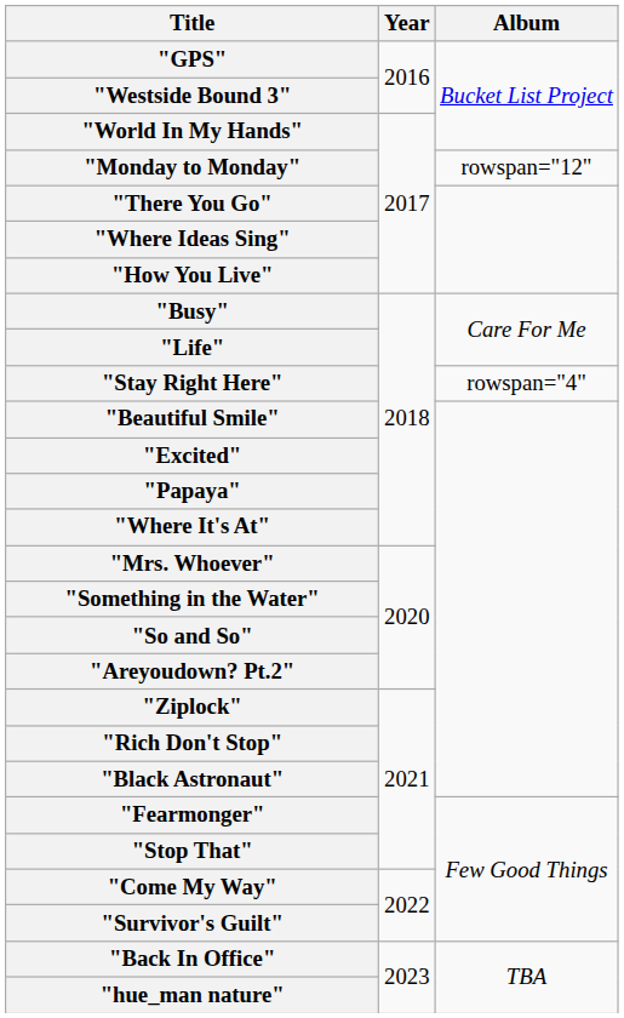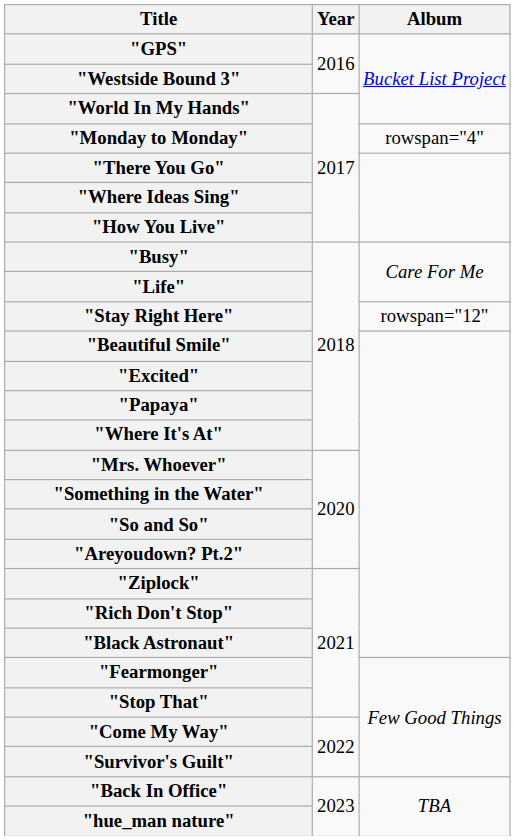 <table class="wikitable plainrowheaders" style="text-align:center;">
 <tr>
 <th scope="col" style="width:16em;">Title</th>
 <th scope="col">Year</th>
 <th scope="col">Album</th>
 </tr>
 <tr>
 <th scope="row">"GPS"<br></th>
 <td rowspan="2">2016</td>
 <td rowspan="3"><em><a href='#'>Bucket List Project</a></em></td>
 </tr>
 <tr>
 <th scope="row">"Westside Bound 3"<br></th>
 </tr>
 <tr>
 <th scope="row">"World In My Hands"<br></th>
 <td rowspan="5">2017</td>
 </tr>
 <tr>
 <th scope="row">"Monday to Monday"</th>
-<td>rowspan="12" </td>
+<td>rowspan="4" </td>
 </tr>
 <tr>
 <th scope="row">"There You Go"</th>
 </tr>
 <tr>
 <th scope="row">"Where Ideas Sing"<br></th>
 </tr>
 <tr>
 <th scope="row">"How You Live"<br></th>
 </tr>
 <tr>
 <th scope="row">"Busy"</th>
 <td rowspan="7">2018</td>
 <td rowspan="2"><em>Care For Me</em></td>
 </tr>
 <tr>
 <th scope="row">"Life"</th>
 </tr>
 <tr>
 <th scope="row">"Stay Right Here"<br></th>
-<td>rowspan="4" </td>
+<td>rowspan="12" </td>
 </tr>
 <tr>
 <th scope="row">"Beautiful Smile"<br></th>
 </tr>
 <tr>
 <th scope="row">"Excited"</th>
 </tr>
 <tr>
 <th scope="row">"Papaya"<br></th>
 </tr>
 <tr>
 <th scope="row">"Where It's At"</th>
 </tr>
 <tr>
 <th scope="row">"Mrs. Whoever"</th>
 <td rowspan="4">2020</td>
 </tr>
 <tr>
 <th scope="row">"Something in the Water"<br></th>
 </tr>
 <tr>
 <th scope="row">"So and So"</th>
 </tr>
 <tr>
 <th scope="row">"Areyoudown? Pt.2"<br></th>
 </tr>
 <tr>
 <th scope="row">"Ziplock"</th>
 <td rowspan="5">2021</td>
 </tr>
 <tr>
 <th scope="row">"Rich Don't Stop"</th>
 </tr>
 <tr>
 <th scope="row">"Black Astronaut"</th>
 </tr>
 <tr>
 <th scope="row">"Fearmonger"<br></th>
 <td rowspan="4"><em>Few Good Things</em></td>
 </tr>
 <tr>
 <th scope="row">"Stop That"</th>
 </tr>
 <tr>
 <th scope="row">"Come My Way"<br></th>
 <td rowspan="2">2022</td>
 </tr>
 <tr>
 <th scope="row">"Survivor's Guilt"<br></th>
 </tr>
 <tr>
 <th scope="row">"Back In Office"<br></th>
 <td rowspan="2">2023</td>
 <td rowspan="2"><em>TBA</em></td>
 </tr>
 <tr>
 <th scope="row">"hue_man nature"<br></th>
 </tr>
 </table>
